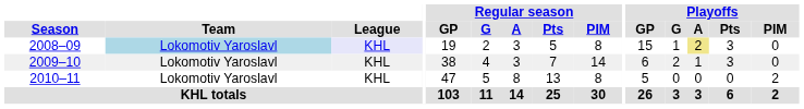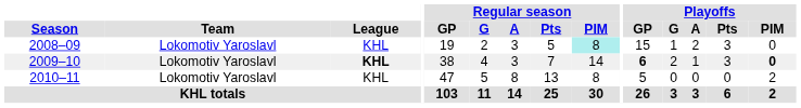 <table border="0" cellpadding="1" cellspacing="0" style="text-align:center; width:60em">
 <tr bgcolor="#e0e0e0">
 <th colspan="3" bgcolor="#ffffff"></th>
 <th rowspan="100" bgcolor="#ffffff"></th>
 <th colspan="5"><a href='#'>Regular season</a></th>
 <th rowspan="100" bgcolor="#ffffff"></th>
 <th colspan="5"><a href='#'>Playoffs</a></th>
 </tr>
 <tr bgcolor="#e0e0e0">
 <th><a href='#'>Season</a></th>
 <th>Team</th>
 <th>League</th>
 <th>GP</th>
 <th><a href='#'>G</a></th>
 <th><a href='#'>A</a></th>
 <th><a href='#'>Pts</a></th>
 <th><a href='#'>PIM</a></th>
 <th>GP</th>
 <th>G</th>
 <th>A</th>
 <th>Pts</th>
 <th>PIM</th>
 </tr>
 <tr>
 <td><a href='#'>2008–09</a></td>
-<td style="background: lightblue;"><a href='#'>Lokomotiv Yaroslavl</a></td>
-<td style="background: lavender;"><a href='#'>KHL</a></td>
+<td><a href='#'>Lokomotiv Yaroslavl</a></td>
+<td><a href='#'>KHL</a></td>
 <td>19</td>
 <td>2</td>
 <td>3</td>
 <td>5</td>
-<td>8</td>
+<td style="background: paleturquoise;">8</td>
 <td>15</td>
 <td>1</td>
-<td style="background: khaki;">2</td>
+<td>2</td>
 <td>3</td>
 <td>0</td>
 </tr>
 <tr bgcolor="#f0f0f0">
 <td><a href='#'>2009–10</a></td>
 <td>Lokomotiv Yaroslavl</td>
-<td>KHL</td>
+<td><strong>KHL</strong></td>
 <td>38</td>
 <td>4</td>
 <td>3</td>
 <td>7</td>
 <td>14</td>
-<td>6</td>
+<td><strong>6</strong></td>
 <td>2</td>
 <td>1</td>
 <td>3</td>
-<td>0</td>
+<td><strong>0</strong></td>
 </tr>
 <tr>
 <td><a href='#'>2010–11</a></td>
 <td>Lokomotiv Yaroslavl</td>
 <td>KHL</td>
 <td>47</td>
 <td>5</td>
 <td>8</td>
 <td>13</td>
 <td>8</td>
 <td>5</td>
 <td>0</td>
 <td>0</td>
 <td>0</td>
 <td>2</td>
 </tr>
 <tr bgcolor="#e0e0e0">
 <th colspan="3">KHL totals</th>
 <th>103</th>
 <th>11</th>
 <th>14</th>
 <th>25</th>
 <th>30</th>
 <th>26</th>
 <th>3</th>
 <th>3</th>
 <th>6</th>
 <th>2</th>
 </tr>
 </table>
